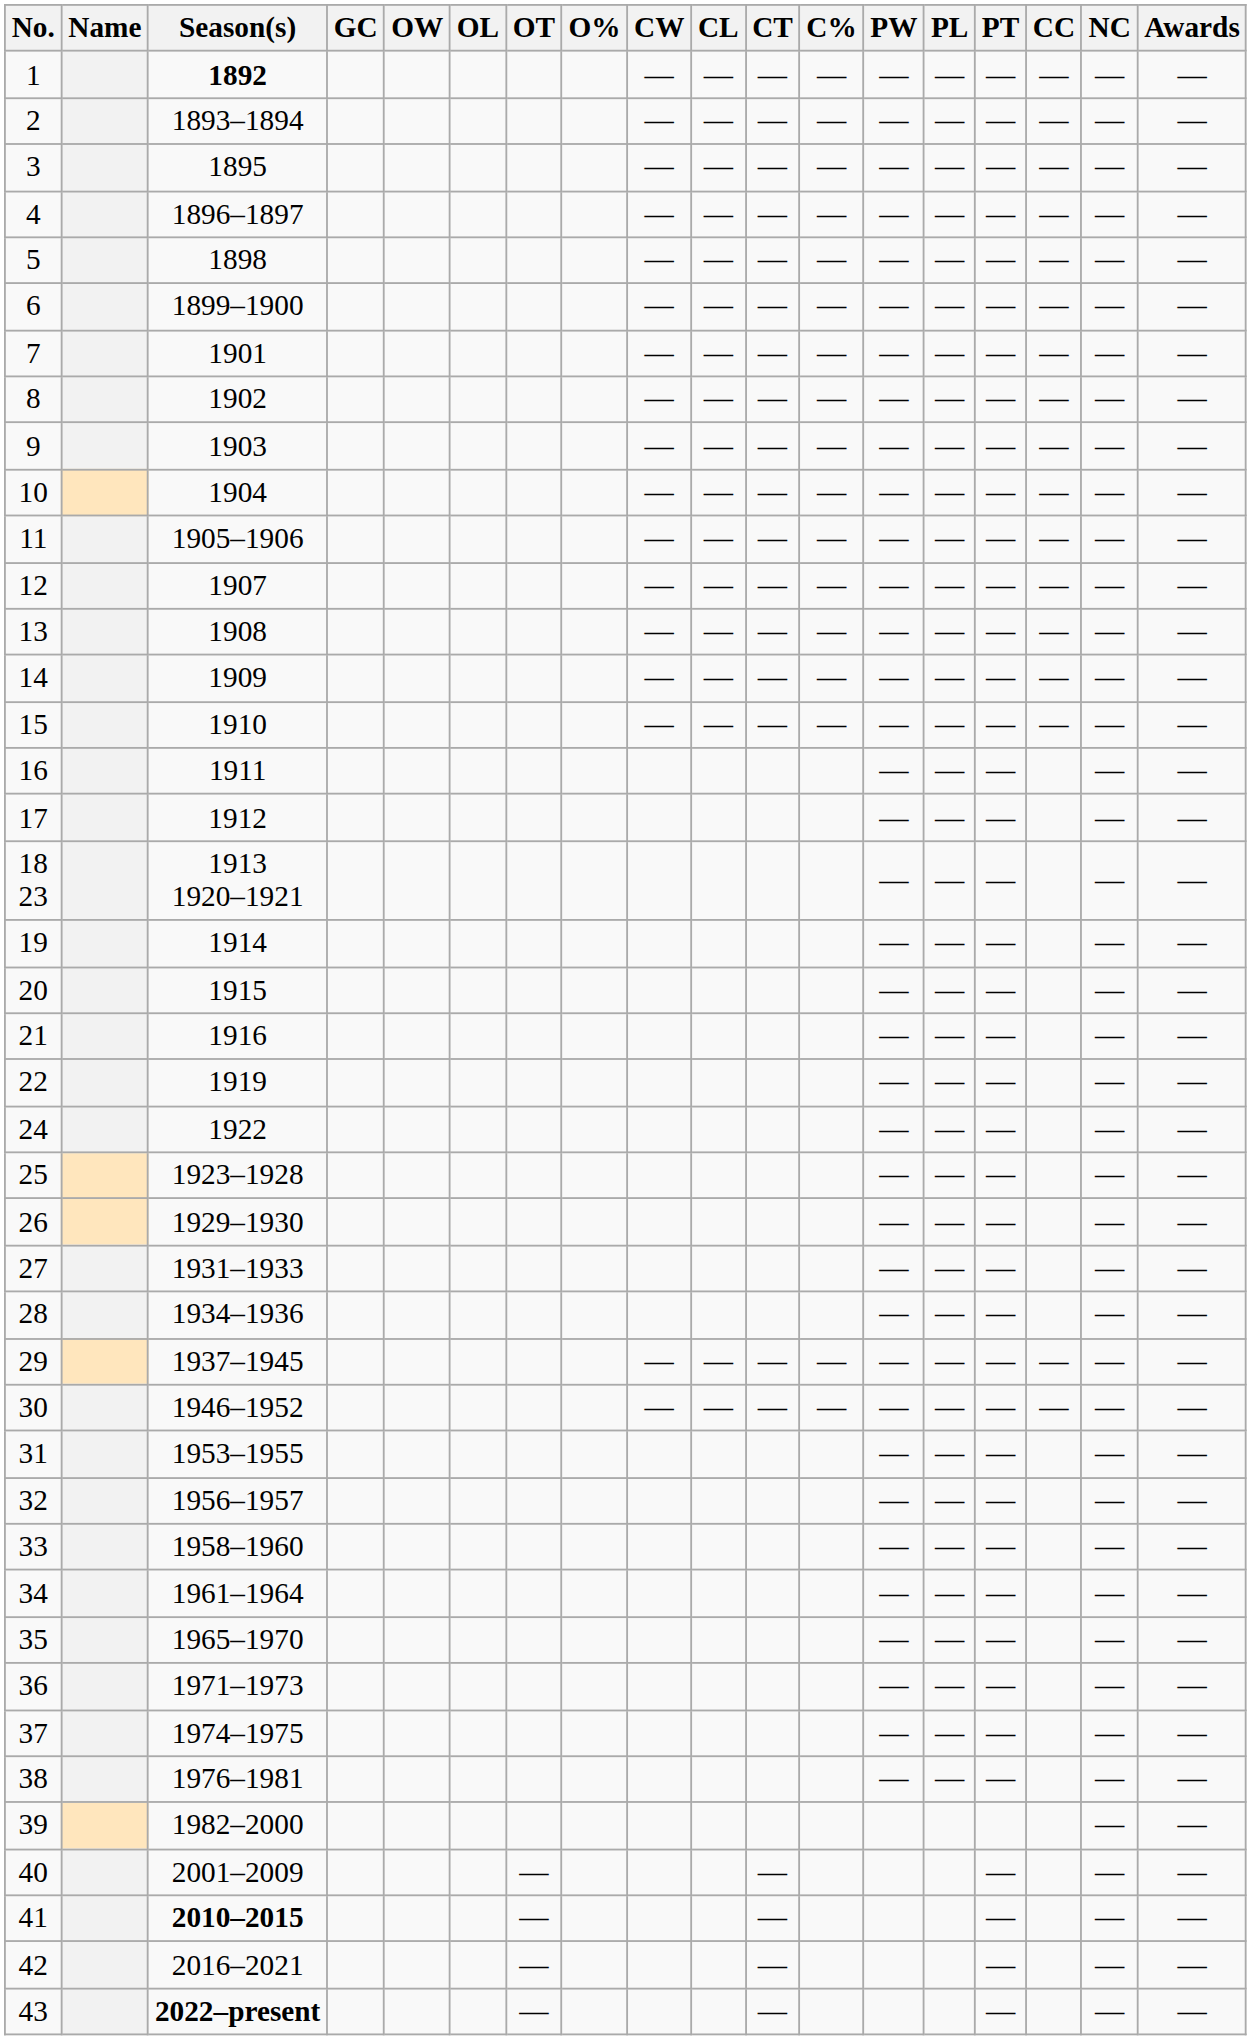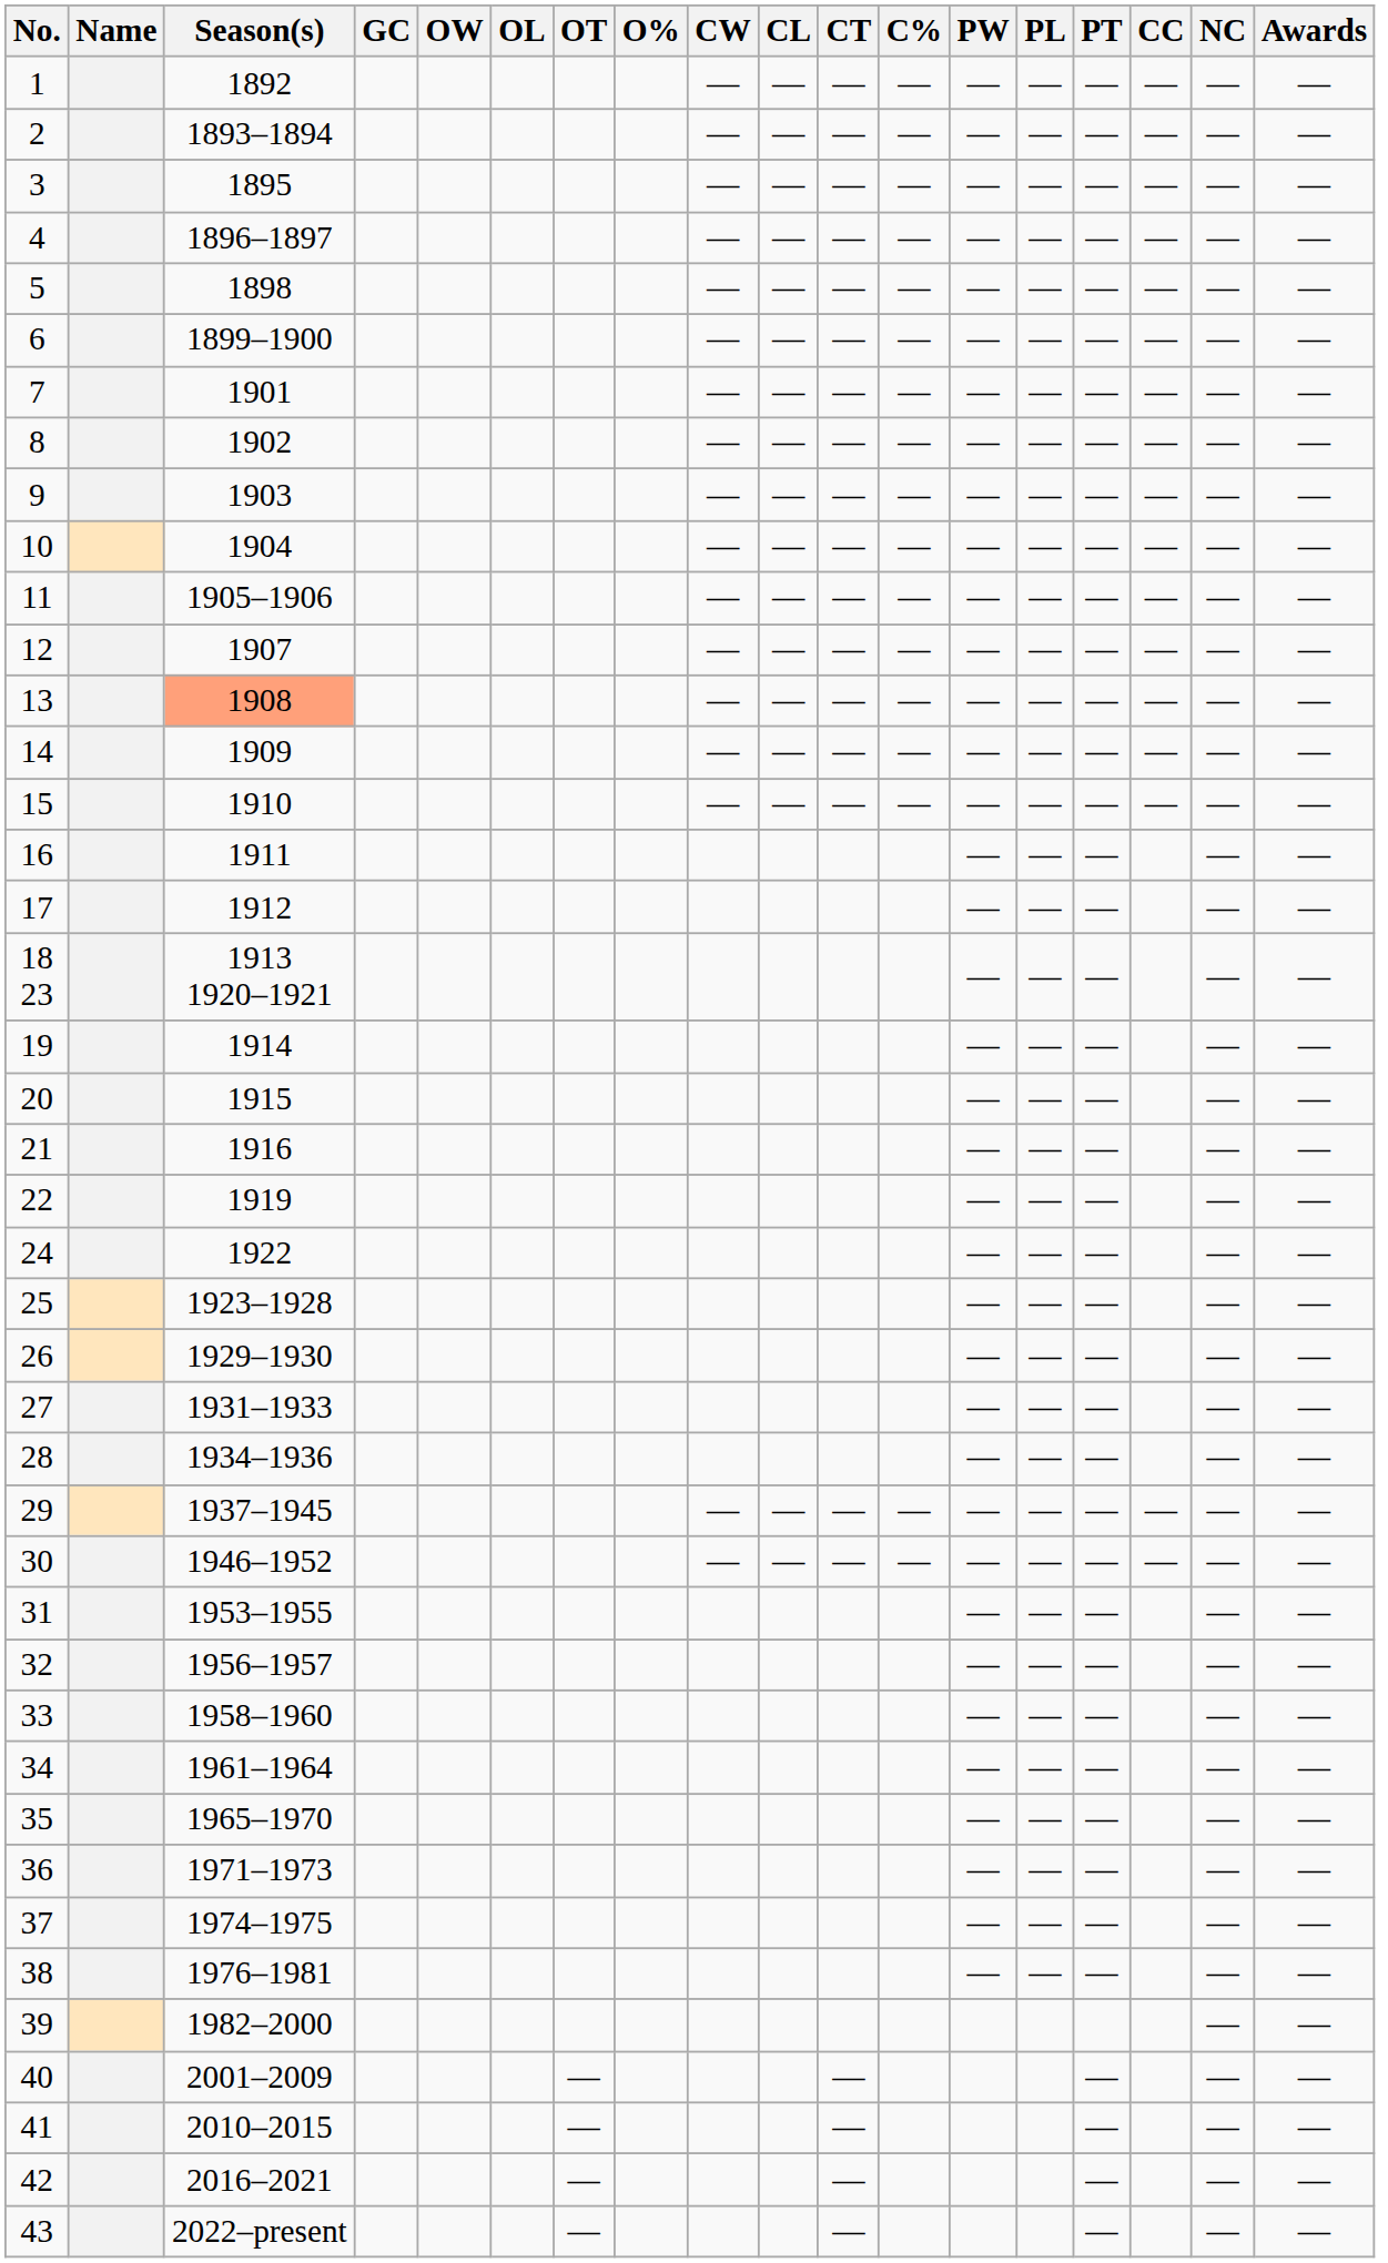 <table class="wikitable sortable" style="text-align:center">
 <tr>
 <th scope="col" class="unsortable">No.</th>
 <th scope="col">Name</th>
 <th scope="col">Season(s)</th>
 <th scope="col">GC</th>
 <th scope="col">OW</th>
 <th scope="col">OL</th>
 <th scope="col">OT</th>
 <th scope="col">O%</th>
 <th scope="col">CW</th>
 <th scope="col">CL</th>
 <th scope="col">CT</th>
 <th scope="col">C%</th>
 <th scope="col">PW</th>
 <th scope="col">PL</th>
 <th scope="col">PT</th>
 <th scope="col">CC</th>
 <th scope="col">NC</th>
 <th scope="col" class="unsortable">Awards</th>
 </tr>
 <tr>
 <td>1</td>
 <th scope="row"></th>
-<td><strong>1892</strong></td>
+<td>1892</td>
 <td></td>
 <td></td>
 <td></td>
 <td></td>
 <td></td>
 <td>—</td>
 <td>—</td>
 <td>—</td>
 <td>—</td>
 <td>—</td>
 <td>—</td>
 <td>—</td>
 <td>—</td>
 <td>—</td>
 <td>—</td>
 </tr>
 <tr>
 <td>2</td>
 <th scope="row"></th>
 <td>1893–1894</td>
 <td></td>
 <td></td>
 <td></td>
 <td></td>
 <td></td>
 <td>—</td>
 <td>—</td>
 <td>—</td>
 <td>—</td>
 <td>—</td>
 <td>—</td>
 <td>—</td>
 <td>—</td>
 <td>—</td>
 <td>—</td>
 </tr>
 <tr>
 <td>3</td>
 <th scope="row"></th>
 <td>1895</td>
 <td></td>
 <td></td>
 <td></td>
 <td></td>
 <td></td>
 <td>—</td>
 <td>—</td>
 <td>—</td>
 <td>—</td>
 <td>—</td>
 <td>—</td>
 <td>—</td>
 <td>—</td>
 <td>—</td>
 <td>—</td>
 </tr>
 <tr>
 <td>4</td>
 <th scope="row"></th>
 <td>1896–1897</td>
 <td></td>
 <td></td>
 <td></td>
 <td></td>
 <td></td>
 <td>—</td>
 <td>—</td>
 <td>—</td>
 <td>—</td>
 <td>—</td>
 <td>—</td>
 <td>—</td>
 <td>—</td>
 <td>—</td>
 <td>—</td>
 </tr>
 <tr>
 <td>5</td>
 <th scope="row"></th>
 <td>1898</td>
 <td></td>
 <td></td>
 <td></td>
 <td></td>
 <td></td>
 <td>—</td>
 <td>—</td>
 <td>—</td>
 <td>—</td>
 <td>—</td>
 <td>—</td>
 <td>—</td>
 <td>—</td>
 <td>—</td>
 <td>—</td>
 </tr>
 <tr>
 <td>6</td>
 <th scope="row"></th>
 <td>1899–1900</td>
 <td></td>
 <td></td>
 <td></td>
 <td></td>
 <td></td>
 <td>—</td>
 <td>—</td>
 <td>—</td>
 <td>—</td>
 <td>—</td>
 <td>—</td>
 <td>—</td>
 <td>—</td>
 <td>—</td>
 <td>—</td>
 </tr>
 <tr>
 <td>7</td>
 <th scope="row"></th>
 <td>1901</td>
 <td></td>
 <td></td>
 <td></td>
 <td></td>
 <td></td>
 <td>—</td>
 <td>—</td>
 <td>—</td>
 <td>—</td>
 <td>—</td>
 <td>—</td>
 <td>—</td>
 <td>—</td>
 <td>—</td>
 <td>—</td>
 </tr>
 <tr>
 <td>8</td>
 <th scope="row"></th>
 <td>1902</td>
 <td></td>
 <td></td>
 <td></td>
 <td></td>
 <td></td>
 <td>—</td>
 <td>—</td>
 <td>—</td>
 <td>—</td>
 <td>—</td>
 <td>—</td>
 <td>—</td>
 <td>—</td>
 <td>—</td>
 <td>—</td>
 </tr>
 <tr>
 <td>9</td>
 <th scope="row"></th>
 <td>1903</td>
 <td></td>
 <td></td>
 <td></td>
 <td></td>
 <td></td>
 <td>—</td>
 <td>—</td>
 <td>—</td>
 <td>—</td>
 <td>—</td>
 <td>—</td>
 <td>—</td>
 <td>—</td>
 <td>—</td>
 <td>—</td>
 </tr>
 <tr>
 <td>10</td>
 <td scope="row" align="center" bgcolor=#FFE6BD><strong></strong><sup></sup></td>
 <td>1904</td>
 <td></td>
 <td></td>
 <td></td>
 <td></td>
 <td></td>
 <td>—</td>
 <td>—</td>
 <td>—</td>
 <td>—</td>
 <td>—</td>
 <td>—</td>
 <td>—</td>
 <td>—</td>
 <td>—</td>
 <td>—</td>
 </tr>
 <tr>
 <td>11</td>
 <th scope="row"></th>
 <td>1905–1906</td>
 <td></td>
 <td></td>
 <td></td>
 <td></td>
 <td></td>
 <td>—</td>
 <td>—</td>
 <td>—</td>
 <td>—</td>
 <td>—</td>
 <td>—</td>
 <td>—</td>
 <td>—</td>
 <td>—</td>
 <td>—</td>
 </tr>
 <tr>
 <td>12</td>
 <th scope="row"></th>
 <td>1907</td>
 <td></td>
 <td></td>
 <td></td>
 <td></td>
 <td></td>
 <td>—</td>
 <td>—</td>
 <td>—</td>
 <td>—</td>
 <td>—</td>
 <td>—</td>
 <td>—</td>
 <td>—</td>
 <td>—</td>
 <td>—</td>
 </tr>
 <tr>
 <td>13</td>
 <th scope="row"></th>
-<td>1908</td>
+<td style="background: lightsalmon;">1908</td>
 <td></td>
 <td></td>
 <td></td>
 <td></td>
 <td></td>
 <td>—</td>
 <td>—</td>
 <td>—</td>
 <td>—</td>
 <td>—</td>
 <td>—</td>
 <td>—</td>
 <td>—</td>
 <td>—</td>
 <td>—</td>
 </tr>
 <tr>
 <td>14</td>
 <th scope="row"></th>
 <td>1909</td>
 <td></td>
 <td></td>
 <td></td>
 <td></td>
 <td></td>
 <td>—</td>
 <td>—</td>
 <td>—</td>
 <td>—</td>
 <td>—</td>
 <td>—</td>
 <td>—</td>
 <td>—</td>
 <td>—</td>
 <td>—</td>
 </tr>
 <tr>
 <td>15</td>
 <th scope="row"></th>
 <td>1910</td>
 <td></td>
 <td></td>
 <td></td>
 <td></td>
 <td></td>
 <td>—</td>
 <td>—</td>
 <td>—</td>
 <td>—</td>
 <td>—</td>
 <td>—</td>
 <td>—</td>
 <td>—</td>
 <td>—</td>
 <td>—</td>
 </tr>
 <tr>
 <td>16</td>
 <th scope="row"></th>
 <td>1911</td>
 <td></td>
 <td></td>
 <td></td>
 <td></td>
 <td></td>
 <td></td>
 <td></td>
 <td></td>
 <td></td>
 <td>—</td>
 <td>—</td>
 <td>—</td>
 <td></td>
 <td>—</td>
 <td>—</td>
 </tr>
 <tr>
 <td>17</td>
 <th scope="row"></th>
 <td>1912</td>
 <td></td>
 <td></td>
 <td></td>
 <td></td>
 <td></td>
 <td></td>
 <td></td>
 <td></td>
 <td></td>
 <td>—</td>
 <td>—</td>
 <td>—</td>
 <td></td>
 <td>—</td>
 <td>—</td>
 </tr>
 <tr>
 <td>18<br>23</td>
 <th scope="row"></th>
 <td>1913<br>1920–1921</td>
 <td></td>
 <td></td>
 <td></td>
 <td></td>
 <td></td>
 <td></td>
 <td></td>
 <td></td>
 <td></td>
 <td>—</td>
 <td>—</td>
 <td>—</td>
 <td></td>
 <td>—</td>
 <td>—</td>
 </tr>
 <tr>
 <td>19</td>
 <th scope="row"></th>
 <td>1914</td>
 <td></td>
 <td></td>
 <td></td>
 <td></td>
 <td></td>
 <td></td>
 <td></td>
 <td></td>
 <td></td>
 <td>—</td>
 <td>—</td>
 <td>—</td>
 <td></td>
 <td>—</td>
 <td>—</td>
 </tr>
 <tr>
 <td>20</td>
 <th scope="row"></th>
 <td>1915</td>
 <td></td>
 <td></td>
 <td></td>
 <td></td>
 <td></td>
 <td></td>
 <td></td>
 <td></td>
 <td></td>
 <td>—</td>
 <td>—</td>
 <td>—</td>
 <td></td>
 <td>—</td>
 <td>—</td>
 </tr>
 <tr>
 <td>21</td>
 <th scope="row"></th>
 <td>1916</td>
 <td></td>
 <td></td>
 <td></td>
 <td></td>
 <td></td>
 <td></td>
 <td></td>
 <td></td>
 <td></td>
 <td>—</td>
 <td>—</td>
 <td>—</td>
 <td></td>
 <td>—</td>
 <td>—</td>
 </tr>
 <tr>
 <td>22</td>
 <th scope="row"></th>
 <td>1919</td>
 <td></td>
 <td></td>
 <td></td>
 <td></td>
 <td></td>
 <td></td>
 <td></td>
 <td></td>
 <td></td>
 <td>—</td>
 <td>—</td>
 <td>—</td>
 <td></td>
 <td>—</td>
 <td>—</td>
 </tr>
 <tr>
 <td>24</td>
 <th scope="row"></th>
 <td>1922</td>
 <td></td>
 <td></td>
 <td></td>
 <td></td>
 <td></td>
 <td></td>
 <td></td>
 <td></td>
 <td></td>
 <td>—</td>
 <td>—</td>
 <td>—</td>
 <td></td>
 <td>—</td>
 <td>—</td>
 </tr>
 <tr>
 <td>25</td>
 <td scope="row" align="center" bgcolor=#FFE6BD><strong></strong><sup></sup></td>
 <td>1923–1928</td>
 <td></td>
 <td></td>
 <td></td>
 <td></td>
 <td></td>
 <td></td>
 <td></td>
 <td></td>
 <td></td>
 <td>—</td>
 <td>—</td>
 <td>—</td>
 <td></td>
 <td>—</td>
 <td>—</td>
 </tr>
 <tr>
 <td>26</td>
 <td scope="row" align="center" bgcolor=#FFE6BD><strong></strong><sup></sup></td>
 <td>1929–1930</td>
 <td></td>
 <td></td>
 <td></td>
 <td></td>
 <td></td>
 <td></td>
 <td></td>
 <td></td>
 <td></td>
 <td>—</td>
 <td>—</td>
 <td>—</td>
 <td></td>
 <td>—</td>
 <td>—</td>
 </tr>
 <tr>
 <td>27</td>
 <th scope="row"></th>
 <td>1931–1933</td>
 <td></td>
 <td></td>
 <td></td>
 <td></td>
 <td></td>
 <td></td>
 <td></td>
 <td></td>
 <td></td>
 <td>—</td>
 <td>—</td>
 <td>—</td>
 <td></td>
 <td>—</td>
 <td>—</td>
 </tr>
 <tr>
 <td>28</td>
 <th scope="row"></th>
 <td>1934–1936</td>
 <td></td>
 <td></td>
 <td></td>
 <td></td>
 <td></td>
 <td></td>
 <td></td>
 <td></td>
 <td></td>
 <td>—</td>
 <td>—</td>
 <td>—</td>
 <td></td>
 <td>—</td>
 <td>—</td>
 </tr>
 <tr>
 <td>29</td>
 <td scope="row" align="center" bgcolor=#FFE6BD><strong></strong><sup></sup></td>
 <td>1937–1945</td>
 <td></td>
 <td></td>
 <td></td>
 <td></td>
 <td></td>
 <td>—</td>
 <td>—</td>
 <td>—</td>
 <td>—</td>
 <td>—</td>
 <td>—</td>
 <td>—</td>
 <td>—</td>
 <td>—</td>
 <td>—</td>
 </tr>
 <tr>
 <td>30</td>
 <th scope="row"></th>
 <td>1946–1952</td>
 <td></td>
 <td></td>
 <td></td>
 <td></td>
 <td></td>
 <td>—</td>
 <td>—</td>
 <td>—</td>
 <td>—</td>
 <td>—</td>
 <td>—</td>
 <td>—</td>
 <td>—</td>
 <td>—</td>
 <td>—</td>
 </tr>
 <tr>
 <td>31</td>
 <th scope="row"></th>
 <td>1953–1955</td>
 <td></td>
 <td></td>
 <td></td>
 <td></td>
 <td></td>
 <td></td>
 <td></td>
 <td></td>
 <td></td>
 <td>—</td>
 <td>—</td>
 <td>—</td>
 <td></td>
 <td>—</td>
 <td>—</td>
 </tr>
 <tr>
 <td>32</td>
 <th scope="row"></th>
 <td>1956–1957</td>
 <td></td>
 <td></td>
 <td></td>
 <td></td>
 <td></td>
 <td></td>
 <td></td>
 <td></td>
 <td></td>
 <td>—</td>
 <td>—</td>
 <td>—</td>
 <td></td>
 <td>—</td>
 <td>—</td>
 </tr>
 <tr>
 <td>33</td>
 <th scope="row"></th>
 <td>1958–1960</td>
 <td></td>
 <td></td>
 <td></td>
 <td></td>
 <td></td>
 <td></td>
 <td></td>
 <td></td>
 <td></td>
 <td>—</td>
 <td>—</td>
 <td>—</td>
 <td></td>
 <td>—</td>
 <td>—</td>
 </tr>
 <tr>
 <td>34</td>
 <th scope="row"></th>
 <td>1961–1964</td>
 <td></td>
 <td></td>
 <td></td>
 <td></td>
 <td></td>
 <td></td>
 <td></td>
 <td></td>
 <td></td>
 <td>—</td>
 <td>—</td>
 <td>—</td>
 <td></td>
 <td>—</td>
 <td>—</td>
 </tr>
 <tr>
 <td>35</td>
 <th scope="row"></th>
 <td>1965–1970</td>
 <td></td>
 <td></td>
 <td></td>
 <td></td>
 <td></td>
 <td></td>
 <td></td>
 <td></td>
 <td></td>
 <td>—</td>
 <td>—</td>
 <td>—</td>
 <td></td>
 <td>—</td>
 <td>—</td>
 </tr>
 <tr>
 <td>36</td>
 <th scope="row"></th>
 <td>1971–1973</td>
 <td></td>
 <td></td>
 <td></td>
 <td></td>
 <td></td>
 <td></td>
 <td></td>
 <td></td>
 <td></td>
 <td>—</td>
 <td>—</td>
 <td>—</td>
 <td></td>
 <td>—</td>
 <td>—</td>
 </tr>
 <tr>
 <td>37</td>
 <th scope="row"></th>
 <td>1974–1975</td>
 <td></td>
 <td></td>
 <td></td>
 <td></td>
 <td></td>
 <td></td>
 <td></td>
 <td></td>
 <td></td>
 <td>—</td>
 <td>—</td>
 <td>—</td>
 <td></td>
 <td>—</td>
 <td>—</td>
 </tr>
 <tr>
 <td>38</td>
 <th scope="row"></th>
 <td>1976–1981</td>
 <td></td>
 <td></td>
 <td></td>
 <td></td>
 <td></td>
 <td></td>
 <td></td>
 <td></td>
 <td></td>
 <td>—</td>
 <td>—</td>
 <td>—</td>
 <td></td>
 <td>—</td>
 <td>—</td>
 </tr>
 <tr>
 <td>39</td>
 <td scope="row" align="center" bgcolor=#FFE6BD><strong></strong><sup></sup></td>
 <td>1982–2000</td>
 <td></td>
 <td></td>
 <td></td>
 <td></td>
 <td></td>
 <td></td>
 <td></td>
 <td></td>
 <td></td>
 <td></td>
 <td></td>
 <td></td>
 <td></td>
 <td>—</td>
 <td>—</td>
 </tr>
 <tr>
 <td>40</td>
 <th scope="row"></th>
 <td>2001–2009</td>
 <td></td>
 <td></td>
 <td></td>
 <td>—</td>
 <td></td>
 <td></td>
 <td></td>
 <td>—</td>
 <td></td>
 <td></td>
 <td></td>
 <td>—</td>
 <td></td>
 <td>—</td>
 <td>—</td>
 </tr>
 <tr>
 <td>41</td>
 <th scope="row"></th>
-<td><strong>2010–2015</strong></td>
+<td>2010–2015</td>
 <td></td>
 <td></td>
 <td></td>
 <td>—</td>
 <td></td>
 <td></td>
 <td></td>
 <td>—</td>
 <td></td>
 <td></td>
 <td></td>
 <td>—</td>
 <td></td>
 <td>—</td>
 <td>—</td>
 </tr>
 <tr>
 <td>42</td>
 <th scope="row"></th>
 <td>2016–2021</td>
 <td></td>
 <td></td>
 <td></td>
 <td>—</td>
 <td></td>
 <td></td>
 <td></td>
 <td>—</td>
 <td></td>
 <td></td>
 <td></td>
 <td>—</td>
 <td></td>
 <td>—</td>
 <td>—</td>
 </tr>
 <tr>
 <td>43</td>
 <th scope="row"></th>
-<td><strong>2022–present</strong></td>
+<td>2022–present</td>
 <td></td>
 <td></td>
 <td></td>
 <td>—</td>
 <td></td>
 <td></td>
 <td></td>
 <td>—</td>
 <td></td>
 <td></td>
 <td></td>
 <td>—</td>
 <td></td>
 <td>—</td>
 <td>—</td>
 </tr>
 </table>
